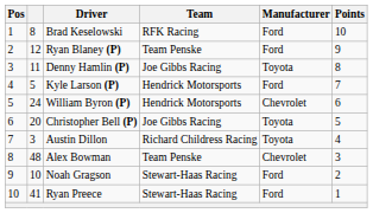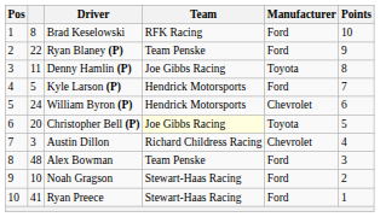 <table class="wikitable" style="font-size:98%">
 <tr>
 <th>Pos</th>
 <th></th>
 <th>Driver</th>
 <th>Team</th>
 <th>Manufacturer</th>
 <th>Points</th>
 </tr>
 <tr>
 <td>1</td>
 <td>8</td>
 <td>Brad Keselowski</td>
 <td>RFK Racing</td>
 <td>Ford</td>
 <td>10</td>
 </tr>
 <tr>
 <td>2</td>
-<td>12</td>
+<td>22</td>
 <td>Ryan Blaney <strong>(P)</strong></td>
 <td>Team Penske</td>
 <td>Ford</td>
 <td>9</td>
 </tr>
 <tr>
 <td>3</td>
 <td>11</td>
 <td>Denny Hamlin <strong>(P)</strong></td>
 <td>Joe Gibbs Racing</td>
 <td>Toyota</td>
 <td>8</td>
 </tr>
 <tr>
 <td>4</td>
 <td>5</td>
 <td>Kyle Larson <strong>(P)</strong></td>
 <td>Hendrick Motorsports</td>
 <td>Ford</td>
 <td>7</td>
 </tr>
 <tr>
 <td>5</td>
 <td>24</td>
 <td>William Byron <strong>(P)</strong></td>
 <td>Hendrick Motorsports</td>
 <td>Chevrolet</td>
 <td>6</td>
 </tr>
 <tr>
 <td>6</td>
 <td>20</td>
 <td>Christopher Bell <strong>(P)</strong></td>
-<td>Joe Gibbs Racing</td>
+<td style="background: lightyellow;">Joe Gibbs Racing</td>
 <td>Toyota</td>
 <td>5</td>
 </tr>
 <tr>
 <td>7</td>
 <td>3</td>
 <td>Austin Dillon</td>
 <td>Richard Childress Racing</td>
-<td>Toyota</td>
+<td>Chevrolet</td>
 <td>4</td>
 </tr>
 <tr>
 <td>8</td>
 <td>48</td>
 <td>Alex Bowman</td>
 <td>Team Penske</td>
-<td>Chevrolet</td>
+<td>Ford</td>
 <td>3</td>
 </tr>
 <tr>
 <td>9</td>
 <td>10</td>
 <td>Noah Gragson</td>
 <td>Stewart-Haas Racing</td>
 <td>Ford</td>
 <td>2</td>
 </tr>
 <tr>
 <td>10</td>
 <td>41</td>
 <td>Ryan Preece</td>
 <td>Stewart-Haas Racing</td>
 <td>Ford</td>
 <td>1</td>
 </tr>
 <tr>
 <th colspan="6"></th>
 </tr>
 </table>
